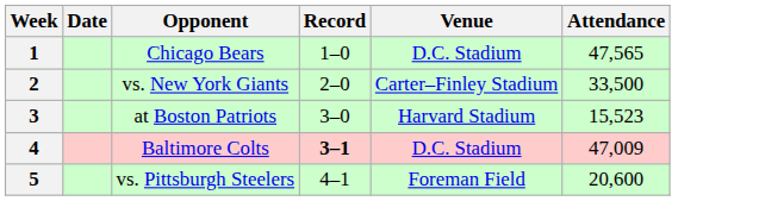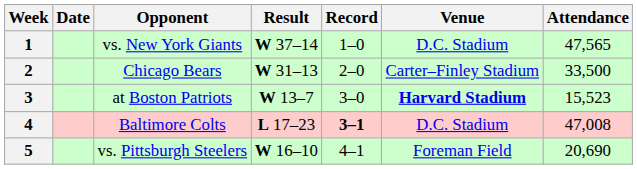 <table class="wikitable" style="text-align:center">
 <tr>
 <th>Week</th>
 <th>Date</th>
 <th>Opponent</th>
+<th>Result</th>
 <th>Record</th>
 <th>Venue</th>
 <th>Attendance</th>
 </tr>
 <tr style="background:#cfc;">
 <th>1</th>
 <td></td>
-<td><a href='#'>Chicago Bears</a></td>
+<td>vs. <a href='#'>New York Giants</a></td>
+<td><strong>W</strong> 37–14</td>
 <td>1–0</td>
 <td><a href='#'>D.C. Stadium</a></td>
 <td>47,565</td>
 </tr>
 <tr style="background:#cfc;">
 <th>2</th>
 <td></td>
-<td>vs. <a href='#'>New York Giants</a></td>
+<td><a href='#'>Chicago Bears</a></td>
+<td><strong>W</strong> 31–13</td>
 <td>2–0</td>
 <td><a href='#'>Carter–Finley Stadium</a> </td>
 <td>33,500</td>
 </tr>
 <tr style="background:#cfc;">
 <th>3</th>
 <td></td>
 <td>at <a href='#'>Boston Patriots</a> </td>
+<td><strong>W</strong> 13–7</td>
 <td>3–0</td>
-<td><a href='#'>Harvard Stadium</a> </td>
+<td><strong><a href='#'>Harvard Stadium</a> </strong></td>
 <td>15,523</td>
 </tr>
 <tr style="background:#fcc;">
 <th>4</th>
 <td></td>
 <td><a href='#'>Baltimore Colts</a></td>
+<td><strong>L</strong> 17–23</td>
 <td><strong>3–1</strong></td>
 <td><a href='#'>D.C. Stadium</a></td>
-<td>47,009</td>
+<td>47,008</td>
 </tr>
 <tr style="background:#cfc;">
 <th>5</th>
 <td></td>
 <td>vs. <a href='#'>Pittsburgh Steelers</a></td>
+<td><strong>W</strong> 16–10</td>
 <td>4–1</td>
 <td><a href='#'>Foreman Field</a> </td>
-<td>20,600</td>
+<td>20,690</td>
 </tr>
 </table>
